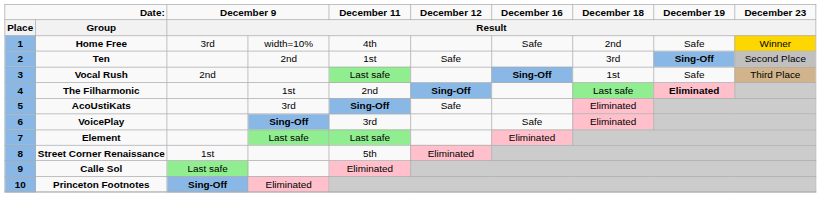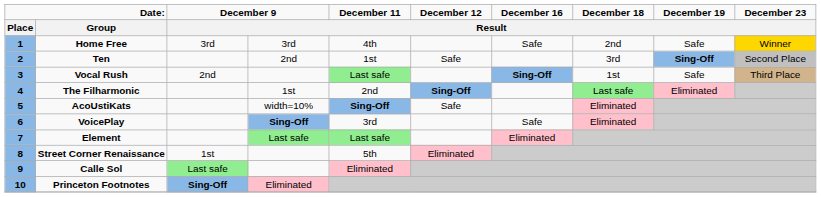 <table class="wikitable" style="margin:1em auto; text-align:center; font-size:85%">
 <tr>
 <td colspan="2" align="right"><strong>Date:</strong></td>
 <td align="center" width=20% colspan="2"><strong>December 9</strong></td>
 <td align="center" width=10%><strong>December 11</strong></td>
 <td align="center" width=10%><strong>December 12</strong></td>
 <td align="center" width=10%><strong>December 16</strong></td>
 <td align="center" width=10%><strong>December 18</strong></td>
 <td align="center" width=10%><strong>December 19</strong></td>
 <td align="center" width=10%><strong>December 23</strong></td>
 </tr>
 <tr>
 <th>Place</th>
 <th>Group</th>
 <th colspan="8" align="center">Result</th>
 </tr>
 <tr>
 <td bgcolor="8AB8E6" align="center"><strong>1</strong></td>
 <td><strong>Home Free</strong></td>
 <td width=10%>3rd</td>
-<td>width=10% </td>
+<td>3rd</td>
 <td>4th</td>
 <td></td>
 <td>Safe</td>
 <td>2nd</td>
 <td>Safe</td>
 <td bgcolor="gold" width="10%">Winner</td>
 </tr>
 <tr>
 <td bgcolor="8AB8E6" align="center"><strong>2</strong></td>
 <td><strong>Ten</strong></td>
 <td></td>
 <td>2nd</td>
 <td>1st</td>
 <td>Safe</td>
 <td></td>
 <td>3rd</td>
 <td bgcolor="8AB8E6"><strong>Sing-Off</strong></td>
 <td bgcolor="silver">Second Place</td>
 </tr>
 <tr>
 <td bgcolor="8AB8E6" align="center"><strong>3</strong></td>
 <td><strong>Vocal Rush</strong></td>
 <td>2nd</td>
 <td></td>
 <td bgcolor="lightgreen">Last safe</td>
 <td></td>
 <td bgcolor="8AB8E6"><strong>Sing-Off</strong></td>
 <td>1st</td>
 <td>Safe</td>
 <td bgcolor="tan" width="10%">Third Place</td>
 </tr>
 <tr>
 <td bgcolor="8AB8E6" align="center"><strong>4</strong></td>
 <td><strong>The Filharmonic</strong></td>
 <td></td>
 <td>1st</td>
 <td>2nd</td>
 <td bgcolor="8AB8E6"><strong>Sing-Off</strong></td>
 <td></td>
 <td bgcolor="lightgreen">Last safe</td>
-<td bgcolor="pink"><strong>Eliminated</strong></td>
+<td bgcolor="pink">Eliminated</td>
 <td bgcolor="CCCCCC" colspan="1"></td>
 </tr>
 <tr>
 <td bgcolor="8AB8E6" align="center"><strong>5</strong></td>
 <td><strong>AcoUstiKats</strong></td>
 <td></td>
-<td>3rd</td>
+<td>width=10% </td>
 <td bgcolor="8AB8E6"><strong>Sing-Off</strong></td>
 <td>Safe</td>
 <td></td>
 <td bgcolor="pink">Eliminated</td>
 <td bgcolor="CCCCCC" colspan="2"></td>
 </tr>
 <tr>
 <td align="center" bgcolor="8AB8E6"><strong>6</strong></td>
 <td><strong>VoicePlay</strong></td>
 <td></td>
 <td bgcolor="8AB8E6"><strong>Sing-Off</strong></td>
 <td>3rd</td>
 <td></td>
 <td>Safe</td>
 <td bgcolor="pink">Eliminated</td>
 <td bgcolor="CCCCCC" colspan="2"></td>
 </tr>
 <tr>
 <td bgcolor="8AB8E6" align="center"><strong>7</strong></td>
 <td><strong>Element</strong></td>
 <td></td>
 <td bgcolor="lightgreen">Last safe</td>
 <td bgcolor="lightgreen">Last safe</td>
 <td></td>
 <td bgcolor="pink">Eliminated</td>
 <td bgcolor="CCCCCC" colspan="3"></td>
 </tr>
 <tr>
 <td bgcolor="8AB8E6" align="center"><strong>8</strong></td>
 <td><strong>Street Corner Renaissance</strong></td>
 <td>1st</td>
 <td></td>
 <td>5th</td>
 <td bgcolor="pink">Eliminated</td>
 <td bgcolor="CCCCCC" colspan="4"></td>
 </tr>
 <tr>
 <td bgcolor="8AB8E6" align="center"><strong>9</strong></td>
 <td><strong>Calle Sol</strong></td>
 <td bgcolor="lightgreen">Last safe</td>
 <td></td>
 <td bgcolor="pink">Eliminated</td>
 <td bgcolor="CCCCCC" colspan="5"></td>
 </tr>
 <tr>
 <td bgcolor="8AB8E6" align="center"><strong>10</strong></td>
 <td><strong>Princeton Footnotes</strong></td>
 <td bgcolor="8AB8E6"><strong>Sing-Off</strong></td>
 <td bgcolor="pink">Eliminated</td>
 <td bgcolor="CCCCCC" colspan="6"></td>
 </tr>
 <tr>
 </tr>
 </table>
